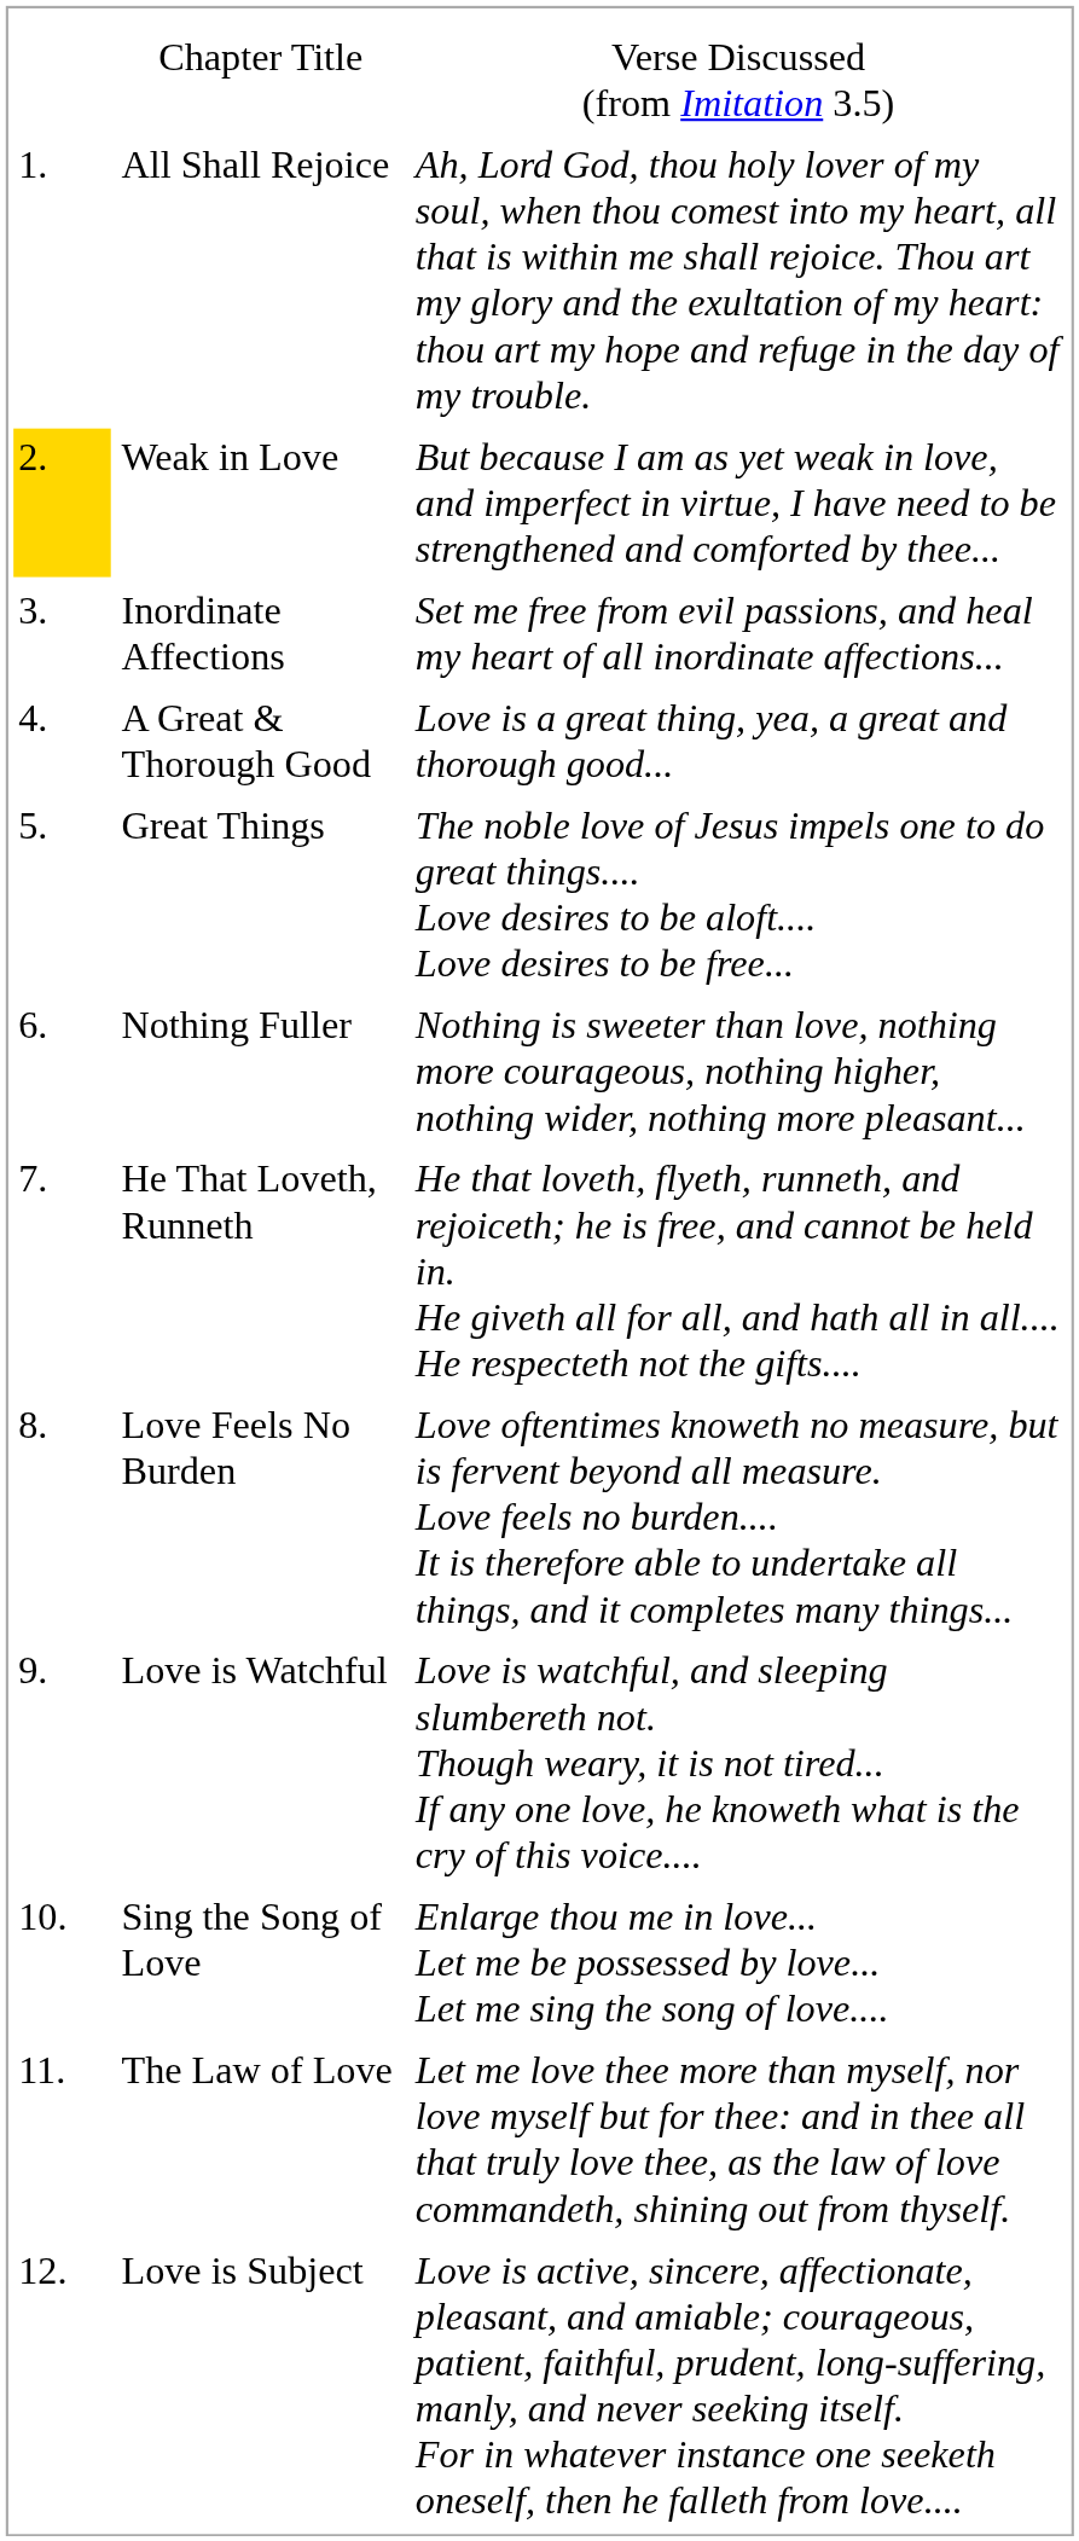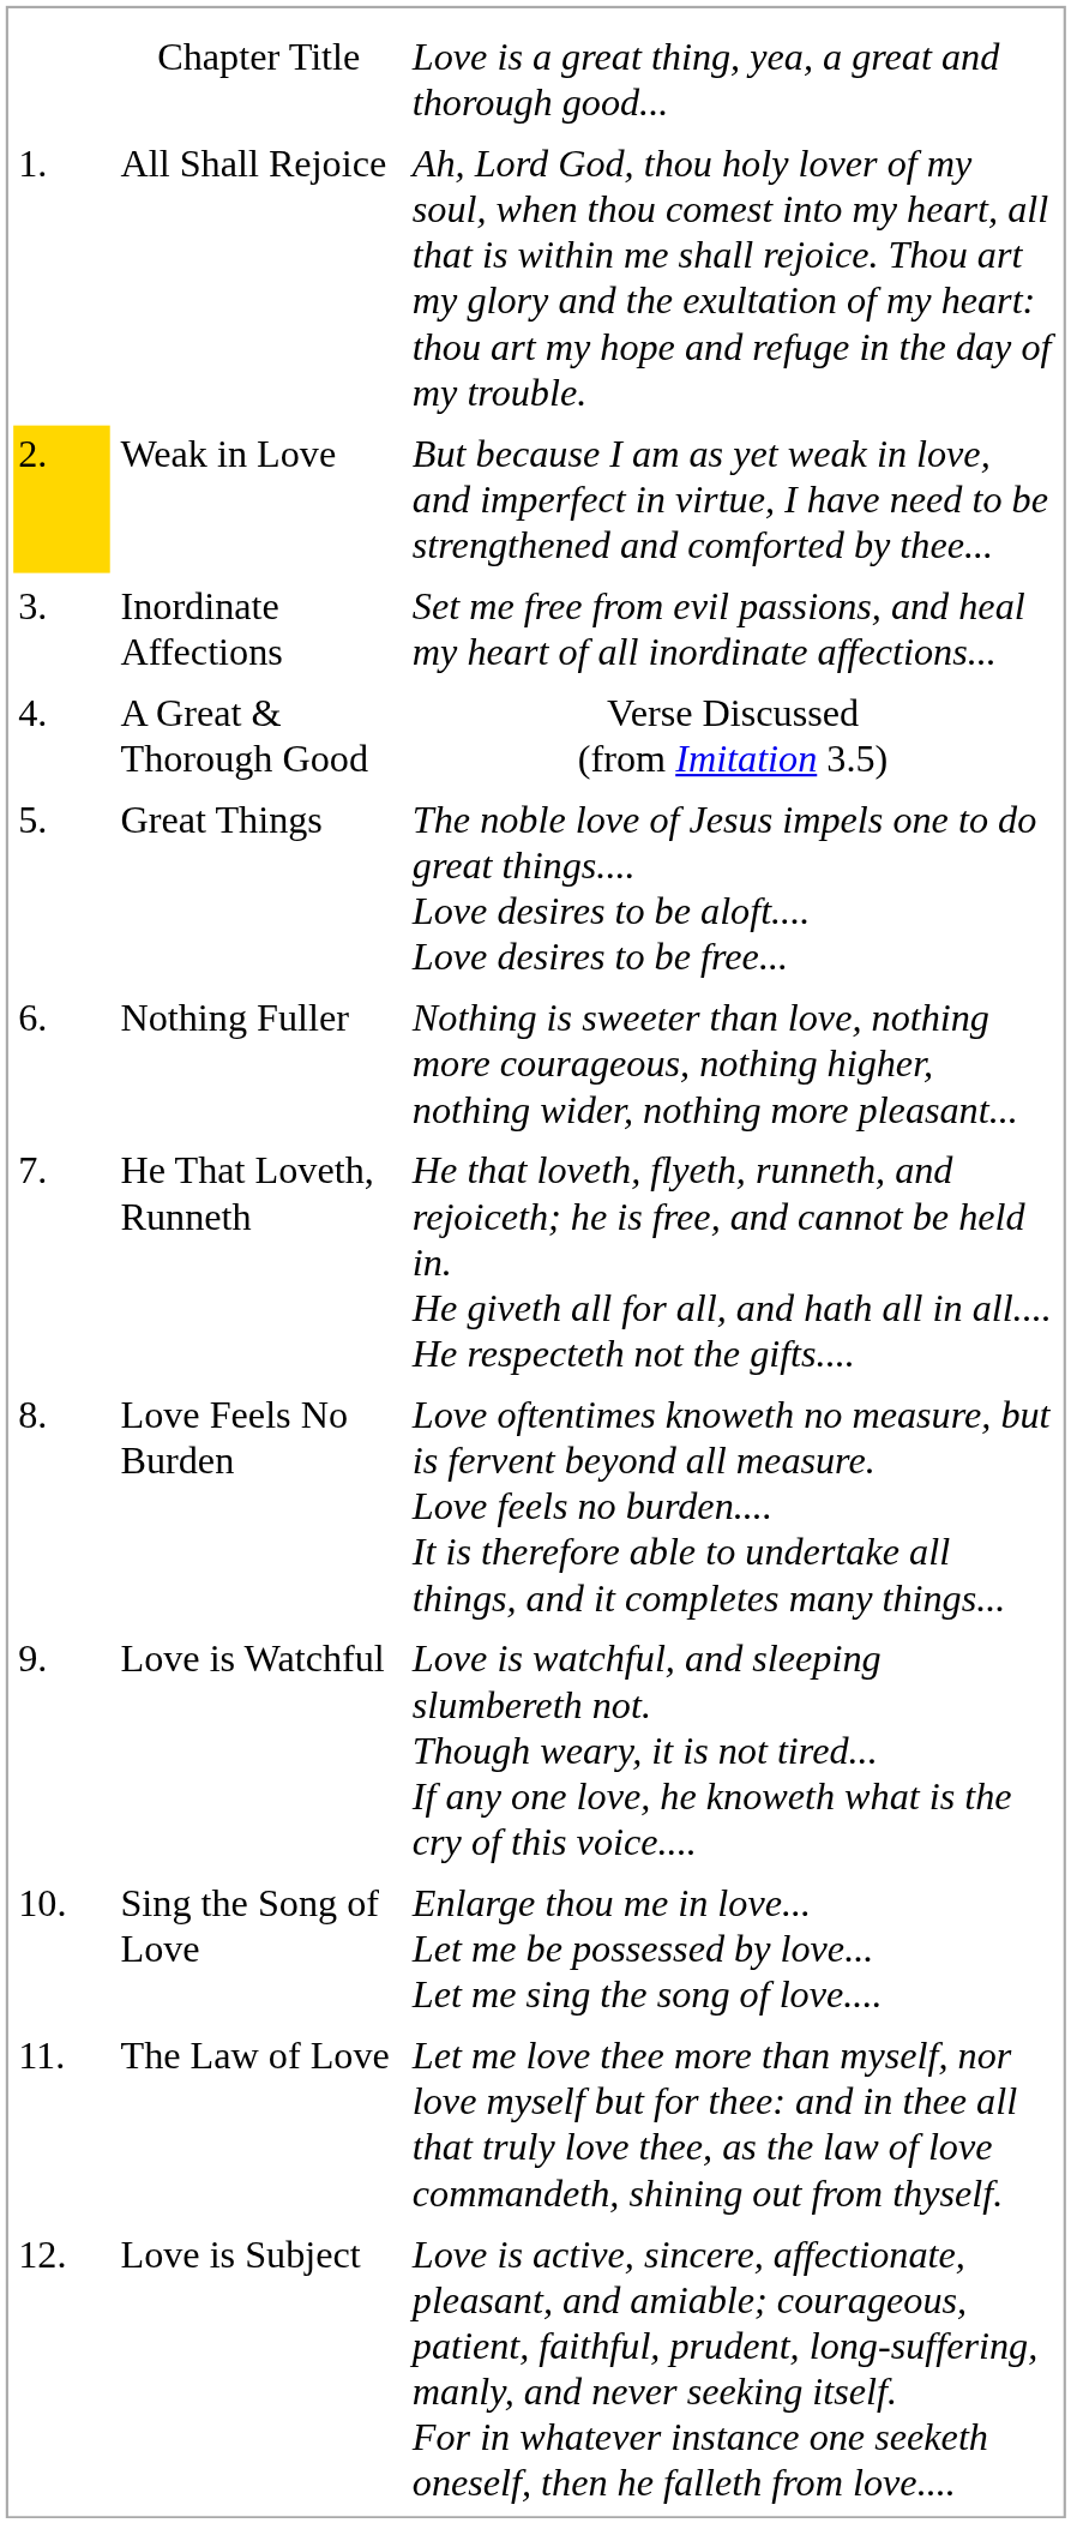 <table width=33%; style="float: right; border: 1px solid darkgray; margin: .46em; font-size: 95%;" border="0" cellpadding="2" cellspacing="2">
 <tr valign="top">
 <td colspan="3"></td>
 </tr>
 <tr valign="top">
 <td width="5"></td>
 <td width="15" align="center">Chapter Title</td>
-<td width="150" align="center">Verse Discussed<br>(from <em><a href='#'>Imitation</a></em> 3.5)</td>
+<td><em>Love is a great thing, yea, a great and thorough good...</em></td>
 </tr>
 <tr valign="top">
 <td width="5">1.</td>
 <td width="15">All Shall Rejoice</td>
 <td width="150"><em>Ah, Lord God, thou holy lover of my soul, when thou comest into my heart, all that is within me shall rejoice. Thou art my glory and the exultation of my heart: thou art my hope and refuge in the day of my trouble.</em></td>
 </tr>
 <tr valign="top">
 <td width="5" style="background: gold;">2.</td>
 <td width="15">Weak in Love</td>
 <td width="150"><em>But because I am as yet weak in love, and imperfect in virtue, I have need to be strengthened and comforted by thee...</em></td>
 </tr>
 <tr valign="top">
 <td>3.</td>
 <td>Inordinate Affections</td>
 <td><em>Set me free from evil passions, and heal my heart of all inordinate affections...</em></td>
 </tr>
 <tr valign="top">
 <td>4.</td>
 <td>A Great & Thorough Good</td>
-<td><em>Love is a great thing, yea, a great and thorough good...</em></td>
+<td width="150" align="center">Verse Discussed<br>(from <em><a href='#'>Imitation</a></em> 3.5)</td>
 </tr>
 <tr valign="top">
 <td>5.</td>
 <td>Great Things</td>
 <td><em>The noble love of Jesus impels one to do great things....<br> Love desires to be aloft....<br> Love desires to be free...</em></td>
 </tr>
 <tr valign="top">
 <td>6.</td>
 <td>Nothing Fuller</td>
 <td><em>Nothing is sweeter than love, nothing more courageous, nothing higher, nothing wider, nothing more pleasant...</em></td>
 </tr>
 <tr valign="top">
 <td>7.</td>
 <td>He That Loveth, Runneth</td>
 <td><em>He that loveth, flyeth, runneth, and rejoiceth; he is free, and cannot be held in.<br>He giveth all for all, and hath all in all....<br>He respecteth not the gifts....</em></td>
 </tr>
 <tr valign="top">
 <td>8.</td>
 <td>Love Feels No Burden</td>
 <td><em>Love oftentimes knoweth no measure, but is fervent beyond all measure.<br>Love feels no burden....<br>It is therefore able to undertake all things, and it completes many things...</em></td>
 </tr>
 <tr valign="top">
 <td>9.</td>
 <td>Love is Watchful</td>
 <td><em>Love is watchful, and sleeping slumbereth not.<br>Though weary, it is not tired...<br>If any one love, he knoweth what is the cry of this voice....</em></td>
 </tr>
 <tr valign="top">
 <td>10.</td>
 <td>Sing the Song of Love</td>
 <td><em>Enlarge thou me in love...<br>Let me be possessed by love...<br>Let me sing the song of love....</em></td>
 </tr>
 <tr valign="top">
 <td>11.</td>
 <td>The Law of Love</td>
 <td><em>Let me love thee more than myself, nor love myself but for thee: and in thee all that truly love thee, as the law of love commandeth, shining out from thyself.</em></td>
 </tr>
 <tr valign="top">
 <td>12.</td>
 <td>Love is Subject</td>
 <td><em>Love is active, sincere, affectionate, pleasant, and amiable; courageous, patient, faithful, prudent, long-suffering, manly, and never seeking itself.<br>For in whatever instance one seeketh oneself, then he falleth from love....</em></td>
 </tr>
 </table>
